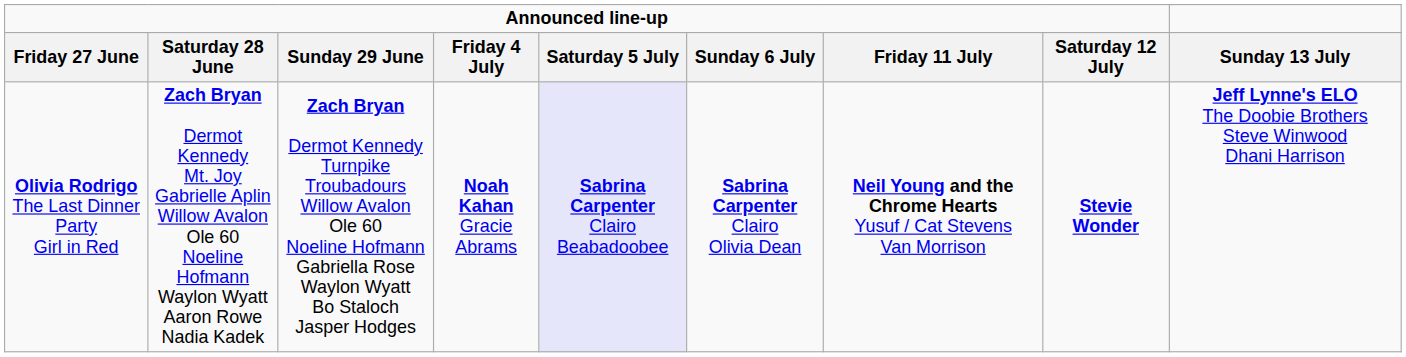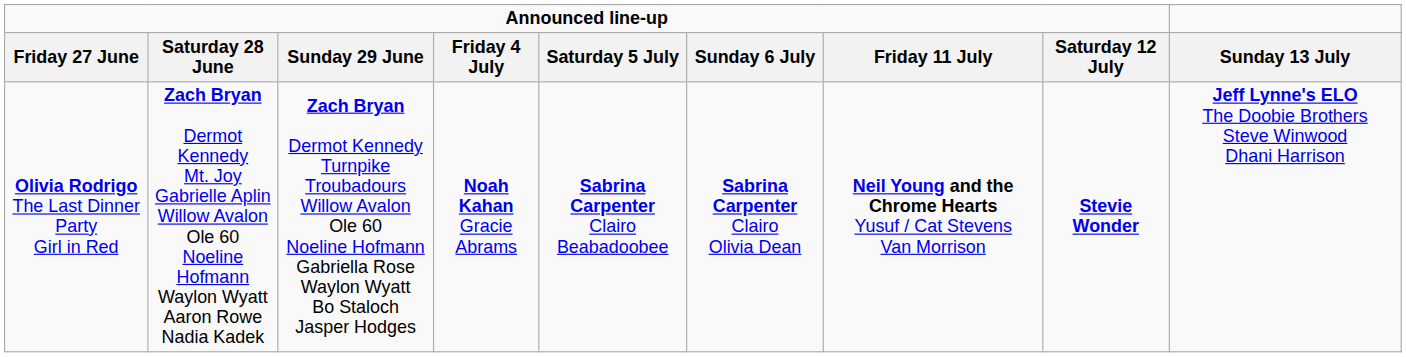 <table class="wikitable" style="text-align:center;">
 <tr>
 <td colspan="8"><strong>Announced line-up</strong></td>
 </tr>
 <tr>
 <th>Friday 27 June</th>
 <th>Saturday 28 June</th>
 <th>Sunday 29 June</th>
 <th>Friday 4 July</th>
 <th>Saturday 5 July</th>
 <th>Sunday 6 July</th>
 <th>Friday 11 July</th>
 <th>Saturday 12 July</th>
 <th>Sunday 13 July</th>
 </tr>
 <tr>
 <td><strong><a href='#'>Olivia Rodrigo</a></strong><br><a href='#'>The Last Dinner Party</a><br><a href='#'>Girl in Red</a></td>
 <td><strong><a href='#'>Zach Bryan</a></strong><br><br><a href='#'>Dermot Kennedy</a> <br><a href='#'>Mt. Joy</a> <br><a href='#'>Gabrielle Aplin</a> <br><a href='#'>Willow Avalon</a> <br>Ole 60 <br><a href='#'>Noeline Hofmann</a> <br>Waylon Wyatt <br>Aaron Rowe <br>Nadia Kadek</td>
 <td><strong><a href='#'>Zach Bryan</a></strong><br><br><a href='#'>Dermot Kennedy</a> <br><a href='#'>Turnpike Troubadours</a> <br><a href='#'>Willow Avalon</a> <br>Ole 60 <br><a href='#'>Noeline Hofmann</a> <br>Gabriella Rose <br>Waylon Wyatt <br>Bo Staloch <br>Jasper Hodges</td>
 <td><strong><a href='#'>Noah Kahan</a></strong><br><a href='#'>Gracie Abrams</a></td>
-<td style="background: lavender;"><strong><a href='#'>Sabrina Carpenter</a></strong><br><a href='#'>Clairo</a><br><a href='#'>Beabadoobee</a></td>
+<td><strong><a href='#'>Sabrina Carpenter</a></strong><br><a href='#'>Clairo</a><br><a href='#'>Beabadoobee</a></td>
 <td><strong><a href='#'>Sabrina Carpenter</a></strong><br><a href='#'>Clairo</a><br><a href='#'>Olivia Dean</a></td>
 <td><strong><a href='#'>Neil Young</a> and the Chrome Hearts</strong><br><a href='#'>Yusuf / Cat Stevens</a><br><a href='#'>Van Morrison</a></td>
 <td><strong><a href='#'>Stevie Wonder</a></strong></td>
 <td style="vertical-align:top; width:200px;"><strong><a href='#'>Jeff Lynne's ELO</a></strong><br><a href='#'>The Doobie Brothers</a><br><a href='#'>Steve Winwood</a><br><a href='#'>Dhani Harrison</a></td>
 </tr>
 </table>
